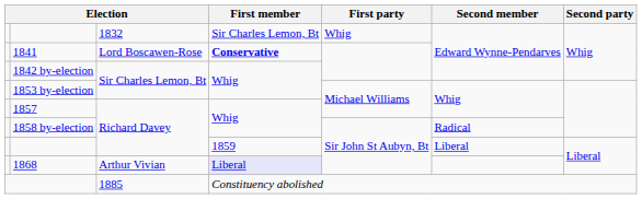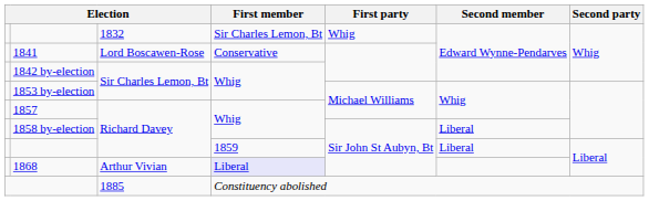 <table class="wikitable">
 <tr>
 <th colspan="3">Election</th>
 <th>First member</th>
 <th>First party</th>
 <th>Second member</th>
 <th>Second party</th>
 </tr>
 <tr>
 <td style="color:inherit;background-color: "></td>
 <td style="color:inherit;background-color: "></td>
 <td><a href='#'>1832</a></td>
 <td><a href='#'>Sir Charles Lemon, Bt</a></td>
 <td><a href='#'>Whig</a></td>
 <td rowspan="3"><a href='#'>Edward Wynne-Pendarves</a></td>
 <td rowspan="3"><a href='#'>Whig</a></td>
 </tr>
 <tr>
 <td style="color:inherit;background-color: "></td>
 <td><a href='#'>1841</a></td>
 <td><a href='#'>Lord Boscawen-Rose</a></td>
-<td><strong><a href='#'>Conservative</a></strong></td>
+<td><a href='#'>Conservative</a></td>
 </tr>
 <tr>
 <td style="color:inherit;background-color: "></td>
 <td><a href='#'>1842 by-election</a></td>
 <td rowspan="2"><a href='#'>Sir Charles Lemon, Bt</a></td>
 <td rowspan="2"><a href='#'>Whig</a></td>
 </tr>
 <tr>
 <td style="color:inherit;background-color: "></td>
 <td><a href='#'>1853 by-election</a></td>
 <td rowspan="2"><a href='#'>Michael Williams</a></td>
 <td rowspan="2"><a href='#'>Whig</a></td>
 </tr>
 <tr>
 <td style="color:inherit;background-color: "></td>
 <td><a href='#'>1857</a></td>
 <td rowspan="3"><a href='#'>Richard Davey</a></td>
 <td rowspan="2"><a href='#'>Whig</a></td>
 </tr>
 <tr>
 <td style="color:inherit;background-color: "></td>
 <td><a href='#'>1858 by-election</a></td>
 <td rowspan="3"><a href='#'>Sir John St Aubyn, Bt</a></td>
-<td><a href='#'>Radical</a></td>
+<td><a href='#'>Liberal</a></td>
 </tr>
 <tr>
 <td style="color:inherit;background-color: "></td>
 <td style="color:inherit;background-color: "></td>
 <td><a href='#'>1859</a></td>
 <td><a href='#'>Liberal</a></td>
 <td rowspan="2"><a href='#'>Liberal</a></td>
 </tr>
 <tr>
 <td style="color:inherit;background-color: "></td>
 <td><a href='#'>1868</a></td>
 <td><a href='#'>Arthur Vivian</a></td>
 <td style="background: lavender;"><a href='#'>Liberal</a></td>
 </tr>
 <tr>
 <td colspan="2"></td>
 <td><a href='#'>1885</a></td>
 <td colspan="4"><em>Constituency abolished</em></td>
 </tr>
 </table>
